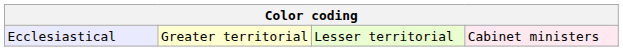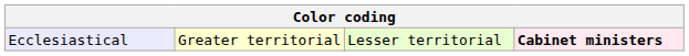 <table class="wikitable">
 <tr>
 <th colspan = "4">Color coding</th>
 </tr>
 <tr>
 <td style="background:#eaeaff; width:25%;">Ecclesiastical</td>
 <td style="background:#ffffd0; width:25%;">Greater territorial</td>
 <td style="background:#eaffd0; width:25%;">Lesser territorial</td>
-<td style="background:#ffe8ef; width:25%;">Cabinet ministers</td>
+<td style="background:#ffe8ef; width:25%;"><strong>Cabinet ministers</strong></td>
 </tr>
 </table>
